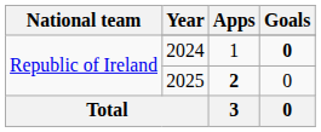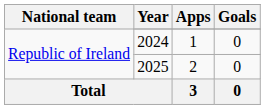 <table class=wikitable style=text-align:center>
 <tr>
 <th>National team</th>
 <th>Year</th>
 <th>Apps</th>
 <th>Goals</th>
 </tr>
 <tr>
 <td rowspan="3"><a href='#'>Republic of Ireland</a></td>
 </tr>
 <tr>
 <td>2024</td>
 <td>1</td>
-<td><strong>0</strong></td>
+<td>0</td>
 </tr>
 <tr>
 <td>2025</td>
-<td><strong>2</strong></td>
+<td>2</td>
 <td>0</td>
 </tr>
 <tr>
 <th colspan="2">Total</th>
 <th>3</th>
 <th>0</th>
 </tr>
 </table>
